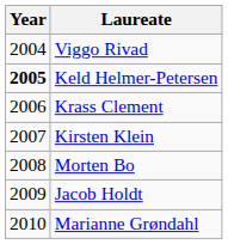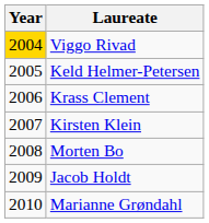 <table class="wikitable">
 <tr>
 <th>Year</th>
 <th>Laureate</th>
 </tr>
 <tr>
-<td>2004</td>
+<td style="background: gold;">2004</td>
 <td><a href='#'>Viggo Rivad</a></td>
 </tr>
 <tr>
-<td><strong>2005</strong></td>
+<td>2005</td>
 <td><a href='#'>Keld Helmer-Petersen</a></td>
 </tr>
 <tr>
 <td>2006</td>
 <td><a href='#'>Krass Clement</a></td>
 </tr>
 <tr>
 <td>2007</td>
 <td><a href='#'>Kirsten Klein</a></td>
 </tr>
 <tr>
 <td>2008</td>
 <td><a href='#'>Morten Bo</a></td>
 </tr>
 <tr>
 <td>2009</td>
 <td><a href='#'>Jacob Holdt</a></td>
 </tr>
 <tr>
 <td>2010</td>
 <td><a href='#'>Marianne Grøndahl</a></td>
 </tr>
 </table>
